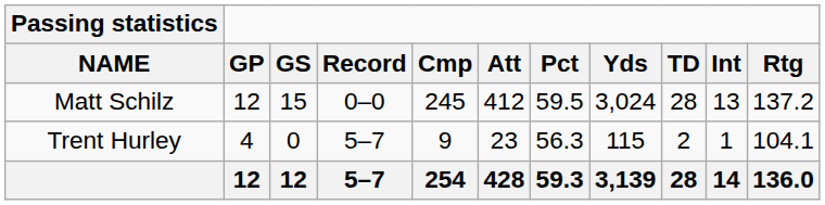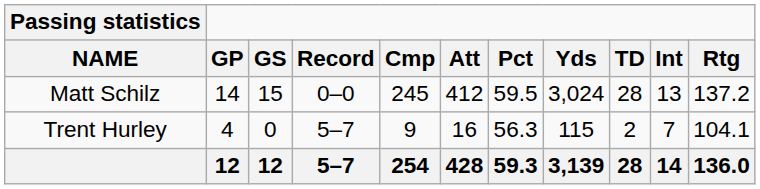 <table class="wikitable sortable" style="text-align:center;">
 <tr>
 <th style="text-align:center; ">Passing statistics</th>
 </tr>
 <tr>
 <th>NAME</th>
 <th>GP</th>
 <th>GS</th>
 <th>Record</th>
 <th>Cmp</th>
 <th>Att</th>
 <th>Pct</th>
 <th>Yds</th>
 <th>TD</th>
 <th>Int</th>
 <th>Rtg</th>
 </tr>
 <tr>
 <td>Matt Schilz</td>
-<td>12</td>
+<td>14</td>
 <td>15</td>
 <td>0–0</td>
 <td>245</td>
 <td>412</td>
 <td>59.5</td>
 <td>3,024</td>
 <td>28</td>
 <td>13</td>
 <td>137.2</td>
 </tr>
 <tr>
 <td>Trent Hurley</td>
 <td>4</td>
 <td>0</td>
 <td>5–7</td>
 <td>9</td>
-<td>23</td>
+<td>16</td>
 <td>56.3</td>
 <td>115</td>
 <td>2</td>
-<td>1</td>
+<td>7</td>
 <td>104.1</td>
 </tr>
 <tr>
 <th colspan="1"></th>
 <th>12</th>
 <th>12</th>
 <th>5–7</th>
 <th>254</th>
 <th>428</th>
 <th>59.3</th>
 <th>3,139</th>
 <th>28</th>
 <th>14</th>
 <th>136.0</th>
 </tr>
 </table>
